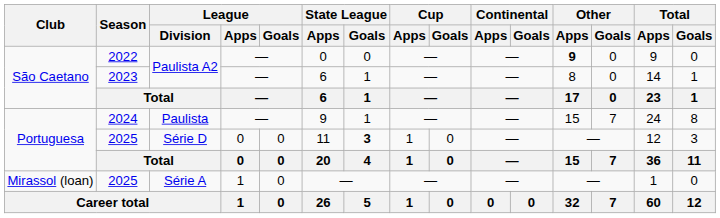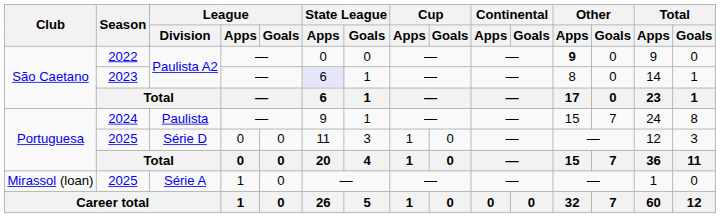 <table class="wikitable" style="text-align: center;">
 <tr>
 <th rowspan="2">Club</th>
 <th rowspan="2">Season</th>
 <th colspan="3">League</th>
 <th colspan="2">State League</th>
 <th colspan="2">Cup</th>
 <th colspan="2">Continental</th>
 <th colspan="2">Other</th>
 <th colspan="2">Total</th>
 </tr>
 <tr>
 <th>Division</th>
 <th>Apps</th>
 <th>Goals</th>
 <th>Apps</th>
 <th>Goals</th>
 <th>Apps</th>
 <th>Goals</th>
 <th>Apps</th>
 <th>Goals</th>
 <th>Apps</th>
 <th>Goals</th>
 <th>Apps</th>
 <th>Goals</th>
 </tr>
 <tr>
 <td rowspan="3" valign="center"><a href='#'>São Caetano</a></td>
 <td><a href='#'>2022</a></td>
 <td rowspan="2"><a href='#'>Paulista A2</a></td>
 <td colspan="2">—</td>
 <td>0</td>
 <td>0</td>
 <td colspan="2">—</td>
 <td colspan="2">—</td>
 <td><strong>9</strong></td>
 <td>0</td>
 <td>9</td>
 <td>0</td>
 </tr>
 <tr>
 <td><a href='#'>2023</a></td>
 <td colspan="2">—</td>
-<td>6</td>
+<td style="background: lavender;">6</td>
 <td>1</td>
 <td colspan="2">—</td>
 <td colspan="2">—</td>
 <td>8</td>
 <td>0</td>
 <td>14</td>
 <td>1</td>
 </tr>
 <tr>
 <th colspan="2">Total</th>
 <th colspan="2">—</th>
 <th>6</th>
 <th>1</th>
 <th colspan="2">—</th>
 <th colspan="2">—</th>
 <th>17</th>
 <th>0</th>
 <th>23</th>
 <th>1</th>
 </tr>
 <tr>
 <td rowspan="3" valign="center"><a href='#'>Portuguesa</a></td>
 <td><a href='#'>2024</a></td>
 <td><a href='#'>Paulista</a></td>
 <td colspan="2">—</td>
 <td>9</td>
 <td>1</td>
 <td colspan="2">—</td>
 <td colspan="2">—</td>
 <td>15</td>
 <td>7</td>
 <td>24</td>
 <td>8</td>
 </tr>
 <tr>
 <td><a href='#'>2025</a></td>
 <td><a href='#'>Série D</a></td>
 <td>0</td>
 <td>0</td>
 <td>11</td>
-<td><strong>3</strong></td>
+<td>3</td>
 <td>1</td>
 <td>0</td>
 <td colspan="2">—</td>
 <td colspan="2">—</td>
 <td>12</td>
 <td>3</td>
 </tr>
 <tr>
 <th colspan="2">Total</th>
 <th>0</th>
 <th>0</th>
 <th>20</th>
 <th>4</th>
 <th>1</th>
 <th>0</th>
 <th colspan="2">—</th>
 <th>15</th>
 <th>7</th>
 <th>36</th>
 <th>11</th>
 </tr>
 <tr>
 <td><a href='#'>Mirassol</a> (loan)</td>
 <td><a href='#'>2025</a></td>
 <td><a href='#'>Série A</a></td>
 <td>1</td>
 <td>0</td>
 <td colspan="2">—</td>
 <td colspan="2">—</td>
 <td colspan="2">—</td>
 <td colspan="2">—</td>
 <td>1</td>
 <td>0</td>
 </tr>
 <tr>
 <th colspan="3"><strong>Career total</strong></th>
 <th>1</th>
 <th>0</th>
 <th>26</th>
 <th>5</th>
 <th>1</th>
 <th>0</th>
 <th>0</th>
 <th>0</th>
 <th>32</th>
 <th>7</th>
 <th>60</th>
 <th>12</th>
 </tr>
 </table>
